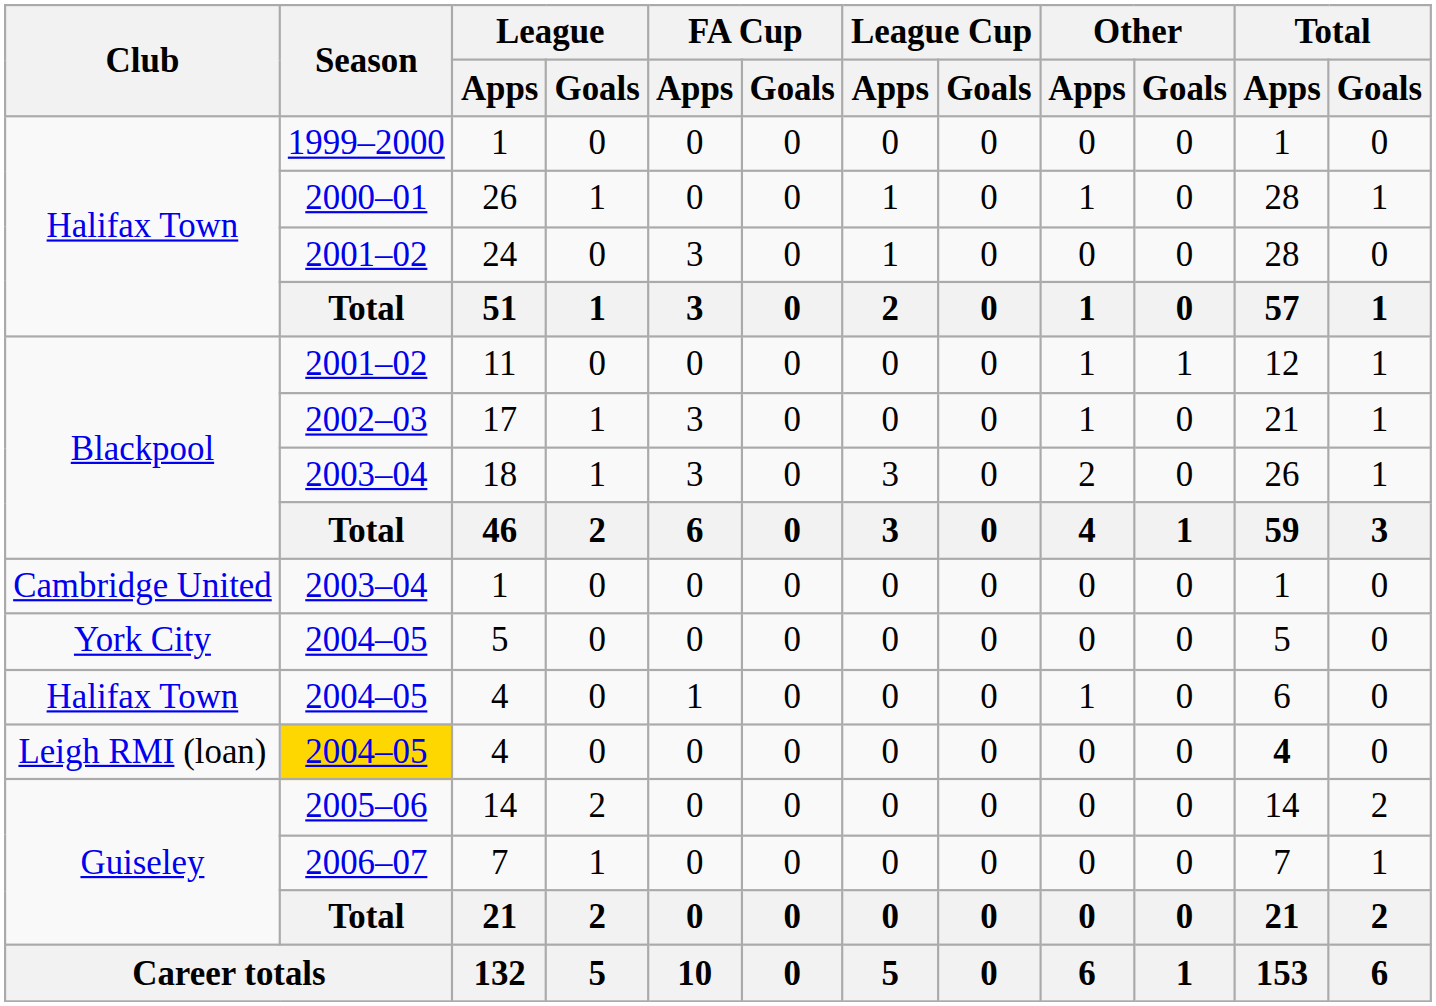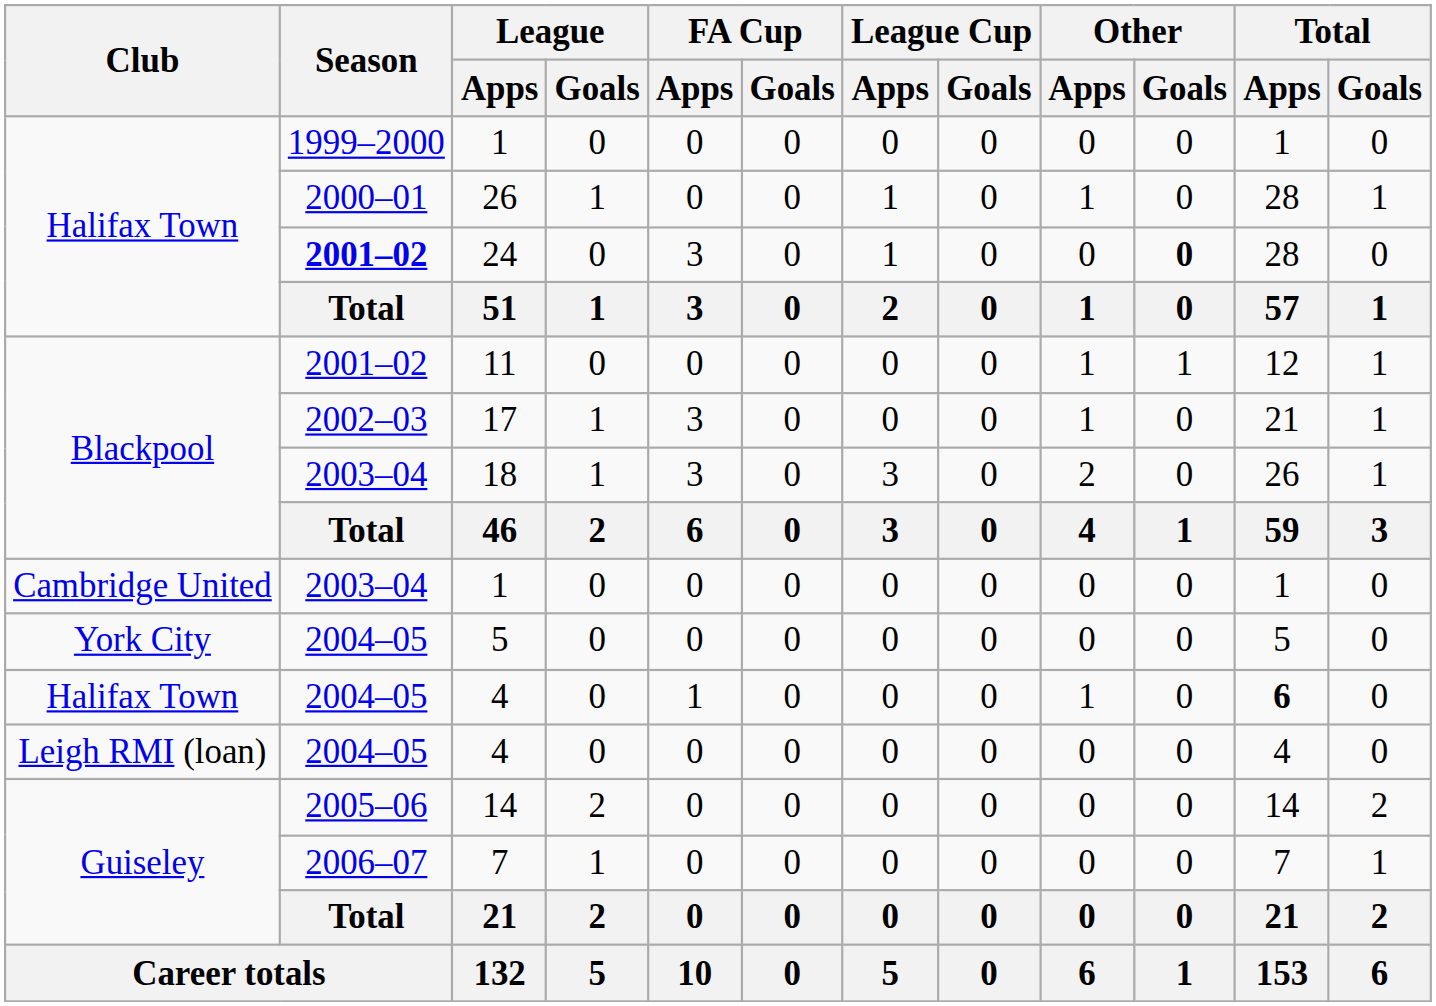 <table class="wikitable" style="text-align: center;">
 <tr>
 <th rowspan="2">Club</th>
 <th rowspan="2">Season</th>
 <th colspan="2">League</th>
 <th colspan="2">FA Cup</th>
 <th colspan="2">League Cup</th>
 <th colspan="2">Other</th>
 <th colspan="2">Total</th>
 </tr>
 <tr>
 <th>Apps</th>
 <th>Goals</th>
 <th>Apps</th>
 <th>Goals</th>
 <th>Apps</th>
 <th>Goals</th>
 <th>Apps</th>
 <th>Goals</th>
 <th>Apps</th>
 <th>Goals</th>
 </tr>
 <tr>
 <td rowspan="4" valign="center"><a href='#'>Halifax Town</a></td>
 <td><a href='#'>1999–2000</a></td>
 <td>1</td>
 <td>0</td>
 <td>0</td>
 <td>0</td>
 <td>0</td>
 <td>0</td>
 <td>0</td>
 <td>0</td>
 <td>1</td>
 <td>0</td>
 </tr>
 <tr>
 <td><a href='#'>2000–01</a></td>
 <td>26</td>
 <td>1</td>
 <td>0</td>
 <td>0</td>
 <td>1</td>
 <td>0</td>
 <td>1</td>
 <td>0</td>
 <td>28</td>
 <td>1</td>
 </tr>
 <tr>
-<td><a href='#'>2001–02</a></td>
+<td><strong><a href='#'>2001–02</a></strong></td>
 <td>24</td>
 <td>0</td>
 <td>3</td>
 <td>0</td>
 <td>1</td>
 <td>0</td>
 <td>0</td>
-<td>0</td>
+<td><strong>0</strong></td>
 <td>28</td>
 <td>0</td>
 </tr>
 <tr>
 <th>Total</th>
 <th>51</th>
 <th>1</th>
 <th>3</th>
 <th>0</th>
 <th>2</th>
 <th>0</th>
 <th>1</th>
 <th>0</th>
 <th>57</th>
 <th>1</th>
 </tr>
 <tr>
 <td rowspan="4" valign="center"><a href='#'>Blackpool</a></td>
 <td><a href='#'>2001–02</a></td>
 <td>11</td>
 <td>0</td>
 <td>0</td>
 <td>0</td>
 <td>0</td>
 <td>0</td>
 <td>1</td>
 <td>1</td>
 <td>12</td>
 <td>1</td>
 </tr>
 <tr>
 <td><a href='#'>2002–03</a></td>
 <td>17</td>
 <td>1</td>
 <td>3</td>
 <td>0</td>
 <td>0</td>
 <td>0</td>
 <td>1</td>
 <td>0</td>
 <td>21</td>
 <td>1</td>
 </tr>
 <tr>
 <td><a href='#'>2003–04</a></td>
 <td>18</td>
 <td>1</td>
 <td>3</td>
 <td>0</td>
 <td>3</td>
 <td>0</td>
 <td>2</td>
 <td>0</td>
 <td>26</td>
 <td>1</td>
 </tr>
 <tr>
 <th>Total</th>
 <th>46</th>
 <th>2</th>
 <th>6</th>
 <th>0</th>
 <th>3</th>
 <th>0</th>
 <th>4</th>
 <th>1</th>
 <th>59</th>
 <th>3</th>
 </tr>
 <tr>
 <td rowspan="1" valign="center"><a href='#'>Cambridge United</a></td>
 <td><a href='#'>2003–04</a></td>
 <td>1</td>
 <td>0</td>
 <td>0</td>
 <td>0</td>
 <td>0</td>
 <td>0</td>
 <td>0</td>
 <td>0</td>
 <td>1</td>
 <td>0</td>
 </tr>
 <tr>
 <td rowspan="1" valign="center"><a href='#'>York City</a></td>
 <td><a href='#'>2004–05</a></td>
 <td>5</td>
 <td>0</td>
 <td>0</td>
 <td>0</td>
 <td>0</td>
 <td>0</td>
 <td>0</td>
 <td>0</td>
 <td>5</td>
 <td>0</td>
 </tr>
 <tr>
 <td rowspan="1" valign="center"><a href='#'>Halifax Town</a></td>
 <td><a href='#'>2004–05</a></td>
 <td>4</td>
 <td>0</td>
 <td>1</td>
 <td>0</td>
 <td>0</td>
 <td>0</td>
 <td>1</td>
 <td>0</td>
-<td>6</td>
+<td><strong>6</strong></td>
 <td>0</td>
 </tr>
 <tr>
 <td rowspan="1" valign="center"><a href='#'>Leigh RMI</a> (loan)</td>
-<td style="background: gold;"><a href='#'>2004–05</a></td>
+<td><a href='#'>2004–05</a></td>
 <td>4</td>
 <td>0</td>
 <td>0</td>
 <td>0</td>
 <td>0</td>
 <td>0</td>
 <td>0</td>
 <td>0</td>
-<td><strong>4</strong></td>
+<td>4</td>
 <td>0</td>
 </tr>
 <tr>
 <td rowspan="3" valign="center"><a href='#'>Guiseley</a></td>
 <td><a href='#'>2005–06</a></td>
 <td>14</td>
 <td>2</td>
 <td>0</td>
 <td>0</td>
 <td>0</td>
 <td>0</td>
 <td>0</td>
 <td>0</td>
 <td>14</td>
 <td>2</td>
 </tr>
 <tr>
 <td><a href='#'>2006–07</a></td>
 <td>7</td>
 <td>1</td>
 <td>0</td>
 <td>0</td>
 <td>0</td>
 <td>0</td>
 <td>0</td>
 <td>0</td>
 <td>7</td>
 <td>1</td>
 </tr>
 <tr>
 <th>Total</th>
 <th>21</th>
 <th>2</th>
 <th>0</th>
 <th>0</th>
 <th>0</th>
 <th>0</th>
 <th>0</th>
 <th>0</th>
 <th>21</th>
 <th>2</th>
 </tr>
 <tr>
 <th colspan="2">Career totals</th>
 <th>132</th>
 <th>5</th>
 <th>10</th>
 <th>0</th>
 <th>5</th>
 <th>0</th>
 <th>6</th>
 <th>1</th>
 <th>153</th>
 <th>6</th>
 </tr>
 </table>
